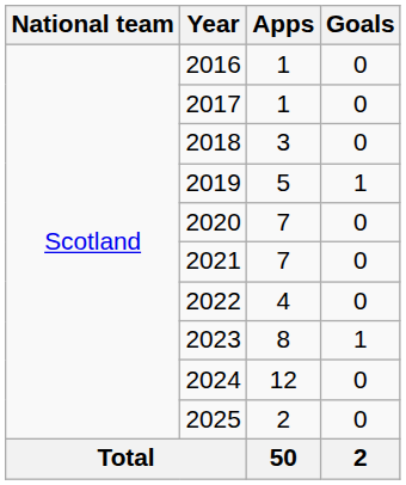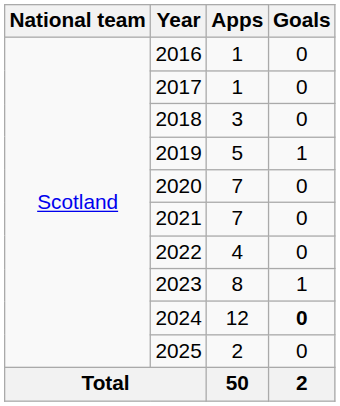 <table class=wikitable style="text-align: center;">
 <tr>
 <th>National team</th>
 <th>Year</th>
 <th>Apps</th>
 <th>Goals</th>
 </tr>
 <tr>
 <td rowspan="10"><a href='#'>Scotland</a></td>
 <td>2016</td>
 <td>1</td>
 <td>0</td>
 </tr>
 <tr>
 <td>2017</td>
 <td>1</td>
 <td>0</td>
 </tr>
 <tr>
 <td>2018</td>
 <td>3</td>
 <td>0</td>
 </tr>
 <tr>
 <td>2019</td>
 <td>5</td>
 <td>1</td>
 </tr>
 <tr>
 <td>2020</td>
 <td>7</td>
 <td>0</td>
 </tr>
 <tr>
 <td>2021</td>
 <td>7</td>
 <td>0</td>
 </tr>
 <tr>
 <td>2022</td>
 <td>4</td>
 <td>0</td>
 </tr>
 <tr>
 <td>2023</td>
 <td>8</td>
 <td>1</td>
 </tr>
 <tr>
 <td>2024</td>
 <td>12</td>
-<td>0</td>
+<td><strong>0</strong></td>
 </tr>
 <tr>
 <td>2025</td>
 <td>2</td>
 <td>0</td>
 </tr>
 <tr>
 <th colspan="2">Total</th>
 <th>50</th>
 <th>2</th>
 </tr>
 </table>
